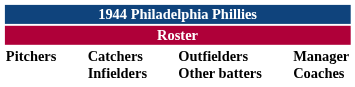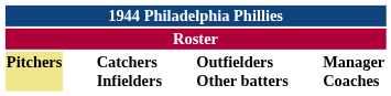 <table class="toccolours" style="font-size: 95%;">
 <tr>
 <th colspan="10" style="background-color: #0f437c; color: white; text-align: center;">1944 Philadelphia Phillies</th>
 </tr>
 <tr>
 <td colspan="10" style="background-color: #af0039; color: white; text-align: center;"><strong>Roster</strong></td>
 </tr>
 <tr>
-<td valign="top"><strong>Pitchers</strong><br>                </td>
+<td valign="top" style="background: khaki;"><strong>Pitchers</strong><br>                </td>
 <td width="25px"></td>
 <td valign="top"><strong>Catchers</strong><br>      <strong>Infielders</strong>         </td>
 <td width="25px"></td>
 <td valign="top"><strong>Outfielders</strong><br>      <strong>Other batters</strong>  </td>
 <td width="25px"></td>
 <td valign="top"><strong>Manager</strong><br> <strong>Coaches</strong>  </td>
 </tr>
 </table>
